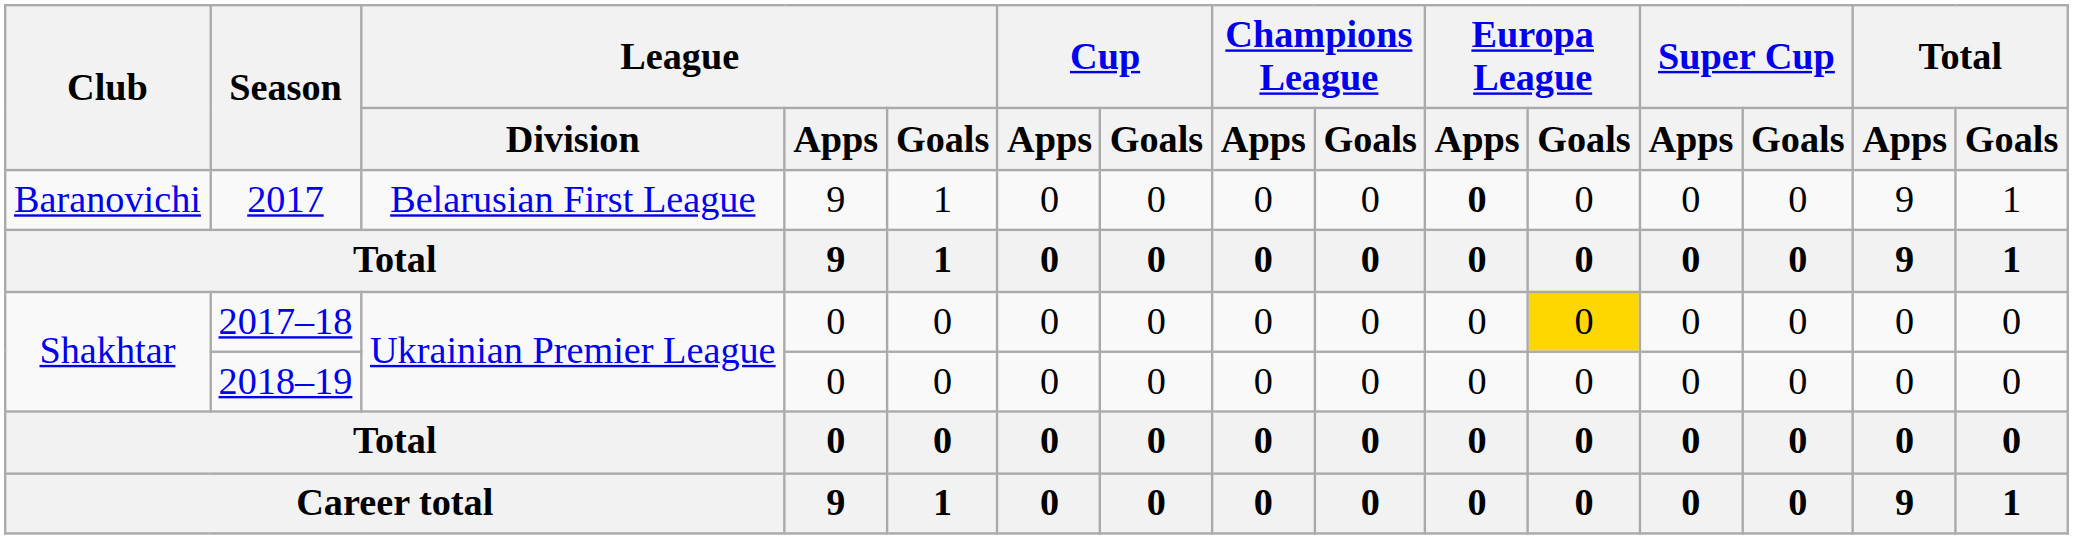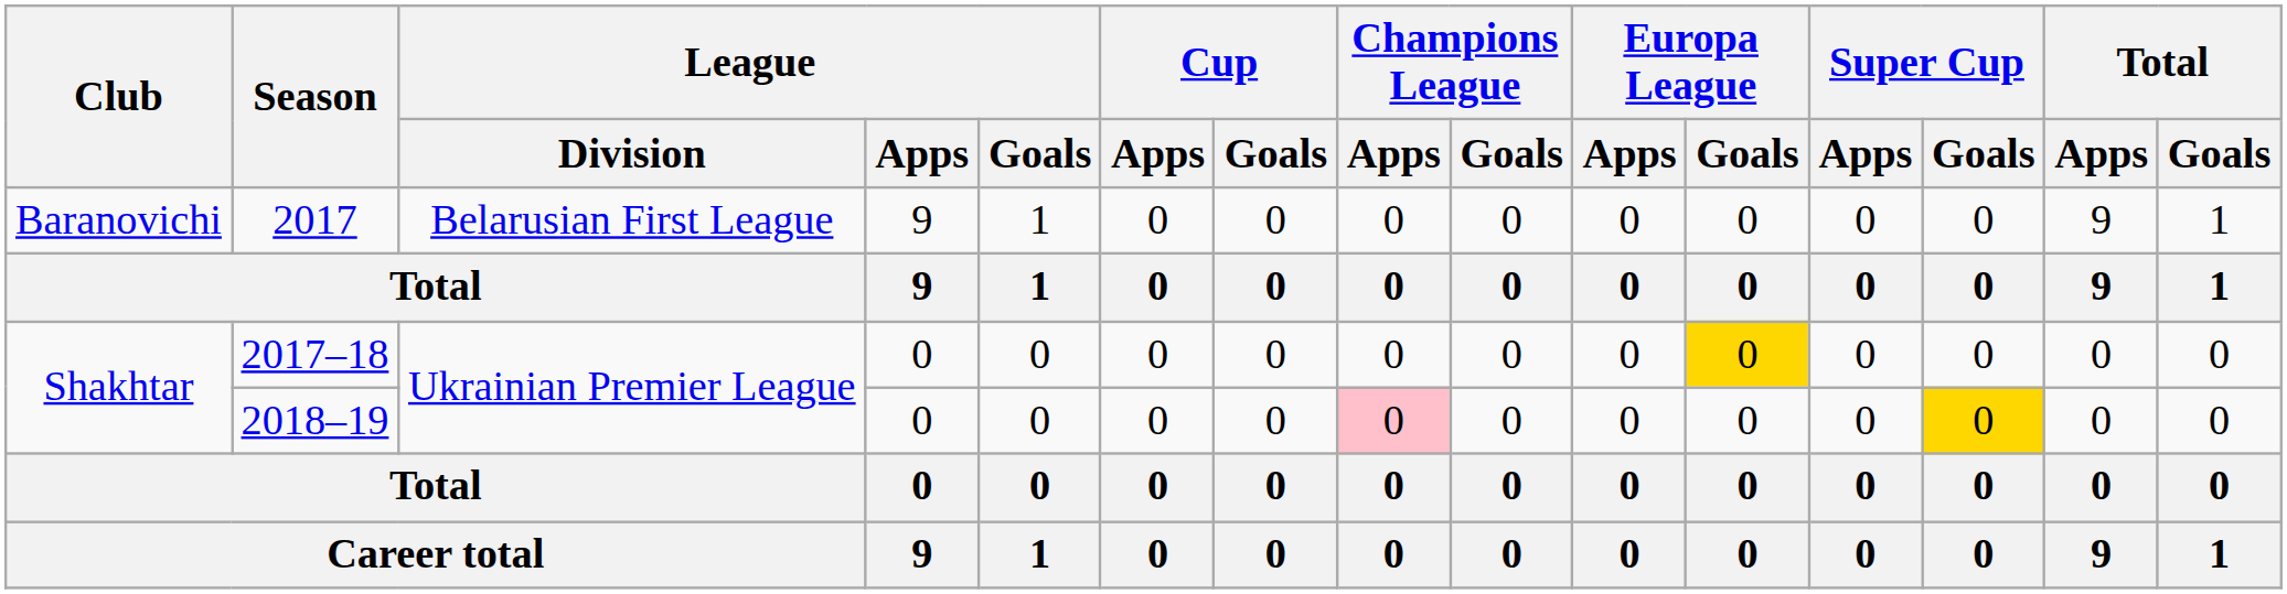 <table class="wikitable" style="text-align:center">
 <tr>
 <th rowspan="2">Club</th>
 <th rowspan="2">Season</th>
 <th colspan="3">League</th>
 <th colspan="2"><a href='#'>Cup</a></th>
 <th colspan="2"><a href='#'>Champions<br>League</a></th>
 <th colspan="2"><a href='#'>Europa<br>League</a></th>
 <th colspan="2"><a href='#'>Super Cup</a></th>
 <th colspan="2">Total</th>
 </tr>
 <tr>
 <th>Division</th>
 <th>Apps</th>
 <th>Goals</th>
 <th>Apps</th>
 <th>Goals</th>
 <th>Apps</th>
 <th>Goals</th>
 <th>Apps</th>
 <th>Goals</th>
 <th>Apps</th>
 <th>Goals</th>
 <th>Apps</th>
 <th>Goals</th>
 </tr>
 <tr>
 <td><a href='#'>Baranovichi</a></td>
 <td><a href='#'>2017</a></td>
 <td><a href='#'>Belarusian First League</a></td>
 <td>9</td>
 <td>1</td>
 <td>0</td>
 <td>0</td>
 <td>0</td>
 <td>0</td>
-<td><strong>0</strong></td>
+<td>0</td>
 <td>0</td>
 <td>0</td>
 <td>0</td>
 <td>9</td>
 <td>1</td>
 </tr>
 <tr>
 <th colspan="3">Total</th>
 <th>9</th>
 <th>1</th>
 <th>0</th>
 <th>0</th>
 <th>0</th>
 <th>0</th>
 <th>0</th>
 <th>0</th>
 <th>0</th>
 <th>0</th>
 <th>9</th>
 <th>1</th>
 </tr>
 <tr>
 <td rowspan="2"><a href='#'>Shakhtar</a></td>
 <td><a href='#'>2017–18</a></td>
 <td rowspan="2"><a href='#'>Ukrainian Premier League</a></td>
 <td>0</td>
 <td>0</td>
 <td>0</td>
 <td>0</td>
 <td>0</td>
 <td>0</td>
 <td>0</td>
 <td style="background: gold;">0</td>
 <td>0</td>
 <td>0</td>
 <td>0</td>
 <td>0</td>
 </tr>
 <tr>
 <td><a href='#'>2018–19</a></td>
 <td>0</td>
 <td>0</td>
 <td>0</td>
 <td>0</td>
+<td style="background: pink;">0</td>
 <td>0</td>
 <td>0</td>
 <td>0</td>
 <td>0</td>
-<td>0</td>
-<td>0</td>
+<td style="background: gold;">0</td>
 <td>0</td>
 <td>0</td>
 </tr>
 <tr>
 <th colspan="3">Total</th>
 <th>0</th>
 <th>0</th>
 <th>0</th>
 <th>0</th>
 <th>0</th>
 <th>0</th>
 <th>0</th>
 <th>0</th>
 <th>0</th>
 <th>0</th>
 <th>0</th>
 <th>0</th>
 </tr>
 <tr>
 <th colspan="3">Career total</th>
 <th>9</th>
 <th>1</th>
 <th>0</th>
 <th>0</th>
 <th>0</th>
 <th>0</th>
 <th>0</th>
 <th>0</th>
 <th>0</th>
 <th>0</th>
 <th>9</th>
 <th>1</th>
 </tr>
 </table>
